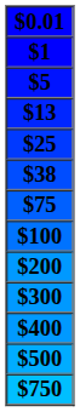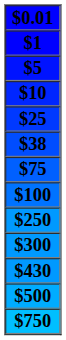 <table border=1 cellspacing=0 cellpadding=1 width=50px|->
 <tr>
 <td bgcolor="#0000FF" align=center><span><strong>$0.01</strong></span></td>
 </tr>
 <tr>
 <td bgcolor="#0000FF" align=center><span><strong>$1</strong></span></td>
 </tr>
 <tr>
 <td bgcolor="#0013FF" align=center><span><strong>$5</strong></span></td>
 </tr>
 <tr>
-<td bgcolor="#0026FF" align=center><span><strong>$13</strong></span></td>
+<td bgcolor="#0026FF" align=center><span><strong>$10</strong></span></td>
 </tr>
 <tr>
 <td bgcolor="#0039FF" align=center><span><strong>$25</strong></span></td>
 </tr>
 <tr>
 <td bgcolor="#004DFF" align=center><span><strong>$38</strong></span></td>
 </tr>
 <tr>
 <td bgcolor="#0060FF" align=center><span><strong>$75</strong></span></td>
 </tr>
 <tr>
 <td bgcolor="#0073FF" align=center><span><strong>$100</strong></span></td>
 </tr>
 <tr>
-<td bgcolor="#0099FF" align=center><span><strong>$200</strong></span></td>
+<td bgcolor="#0099FF" align=center><span><strong>$250</strong></span></td>
 </tr>
 <tr>
 <td bgcolor="#0099FF" align=center><span><strong>$300</strong></span></td>
 </tr>
 <tr>
-<td bgcolor="#0099FF" align=center><span><strong>$400</strong></span></td>
+<td bgcolor="#0099FF" align=center><span><strong>$430</strong></span></td>
 </tr>
 <tr>
 <td bgcolor="#00ACFF" align=center><span><strong>$500</strong></span></td>
 </tr>
 <tr>
 <td bgcolor="#00BFFF" align=center><span><strong>$750</strong></span></td>
 </tr>
 </table>
